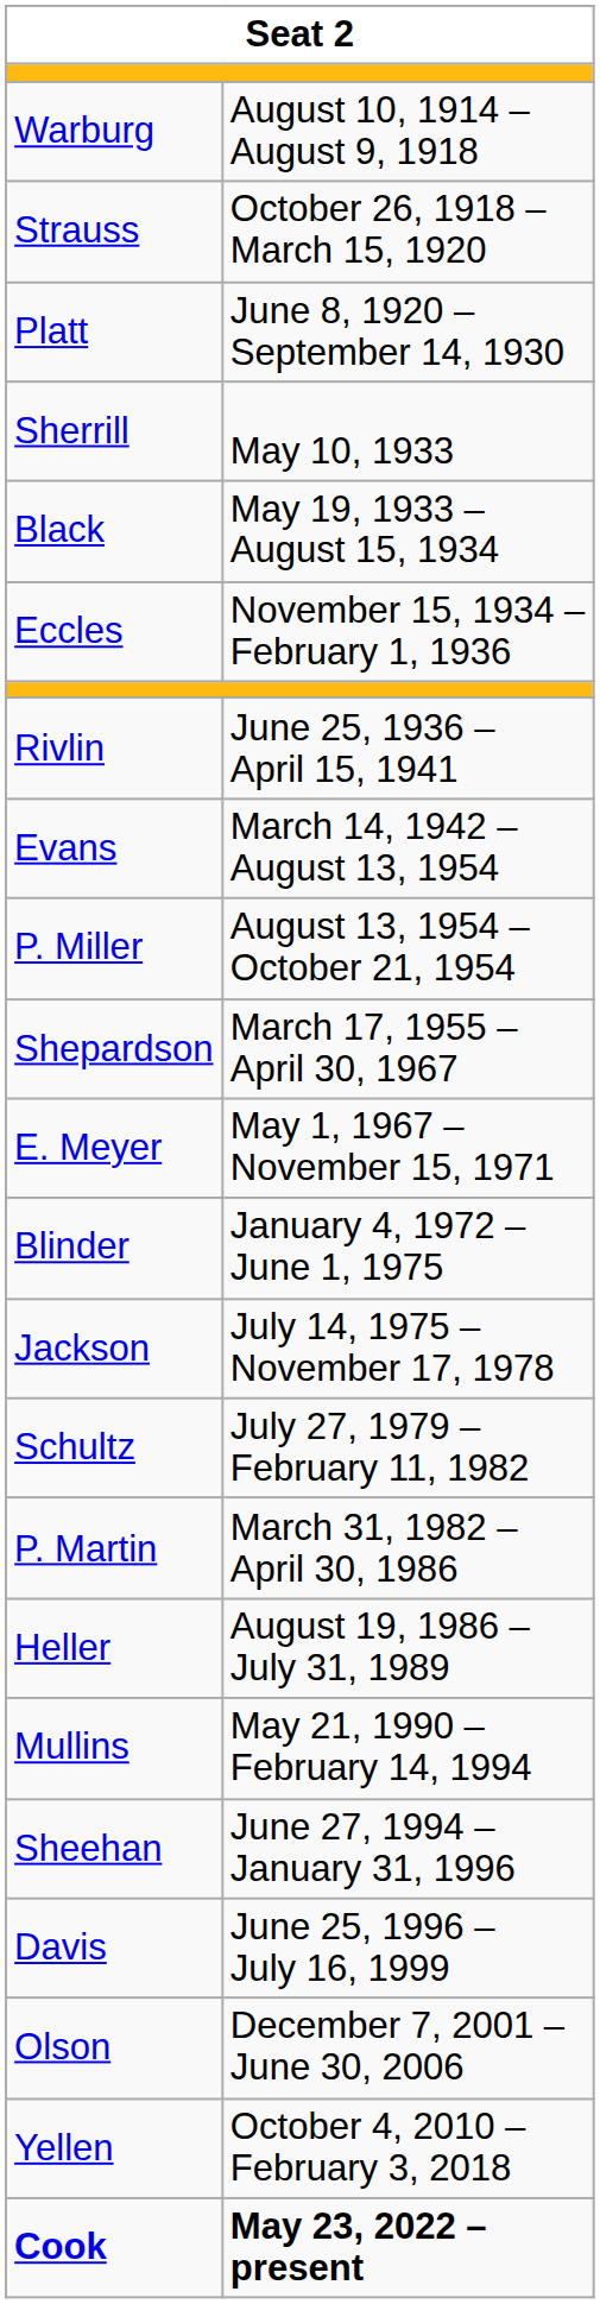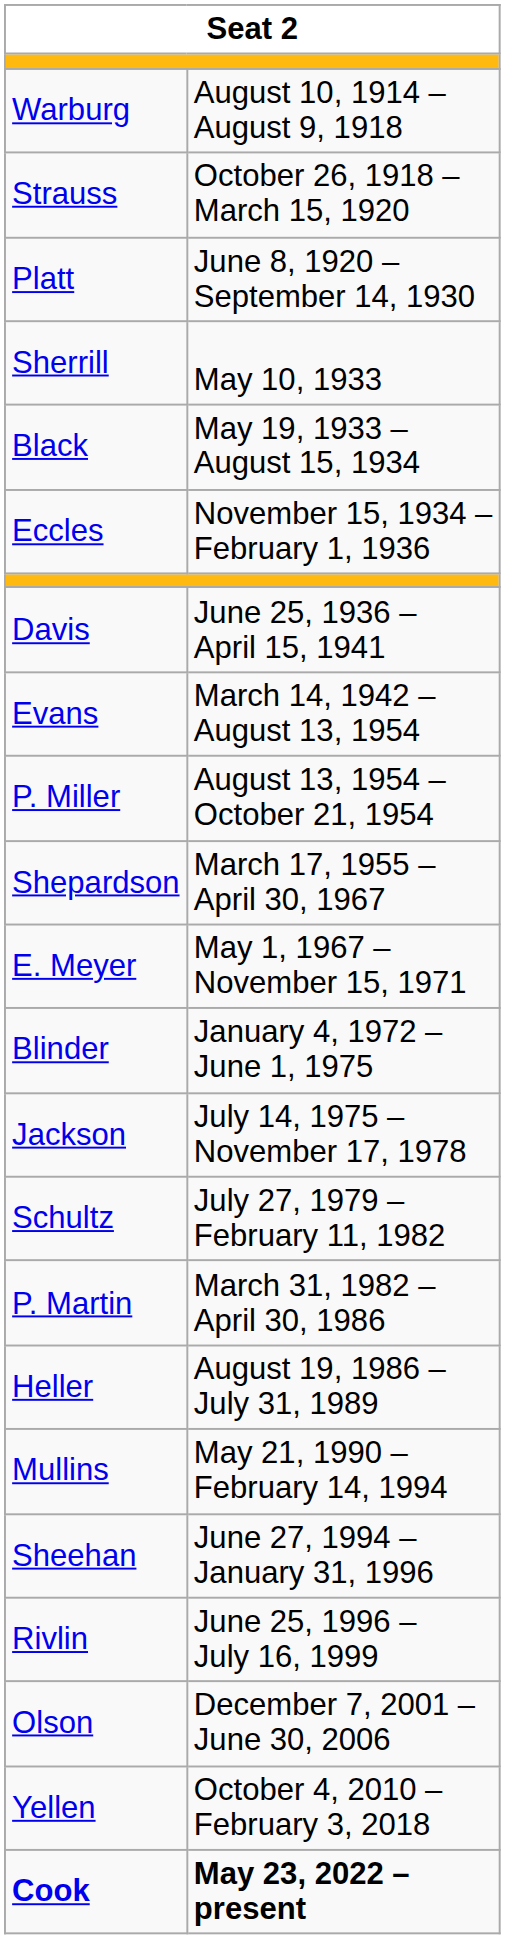 <table class="wikitable">
 <tr>
 <th colspan="2" style="background:#fff;">Seat 2</th>
 </tr>
 <tr>
 <td colspan="2" style="background: #FFB90F;"></td>
 </tr>
 <tr>
 <td><a href='#'>Warburg</a></td>
 <td>August 10, 1914 –<br>August 9, 1918</td>
 </tr>
 <tr>
 <td><a href='#'>Strauss</a></td>
 <td>October 26, 1918 –<br>March 15, 1920</td>
 </tr>
 <tr>
 <td><a href='#'>Platt</a></td>
 <td>June 8, 1920 –<br>September 14, 1930</td>
 </tr>
 <tr>
 <td><a href='#'>Sherrill</a></td>
 <td><br>May 10, 1933</td>
 </tr>
 <tr>
 <td><a href='#'>Black</a></td>
 <td>May 19, 1933 –<br>August 15, 1934</td>
 </tr>
 <tr>
 <td><a href='#'>Eccles</a></td>
 <td>November 15, 1934 –<br>February 1, 1936</td>
 </tr>
 <tr>
 <td colspan="2" style="background: #FFB90F;"></td>
 </tr>
 <tr>
-<td><a href='#'>Rivlin</a></td>
+<td><a href='#'>Davis</a></td>
 <td>June 25, 1936 –<br>April 15, 1941</td>
 </tr>
 <tr>
 <td><a href='#'>Evans</a></td>
 <td>March 14, 1942 –<br>August 13, 1954</td>
 </tr>
 <tr>
 <td><a href='#'>P. Miller</a></td>
 <td>August 13, 1954 –<br>October 21, 1954</td>
 </tr>
 <tr>
 <td><a href='#'>Shepardson</a></td>
 <td>March 17, 1955 –<br>April 30, 1967</td>
 </tr>
 <tr>
 <td><a href='#'>E. Meyer</a></td>
 <td>May 1, 1967 –<br>November 15, 1971</td>
 </tr>
 <tr>
 <td><a href='#'>Blinder</a></td>
 <td>January 4, 1972 –<br>June 1, 1975</td>
 </tr>
 <tr>
 <td><a href='#'>Jackson</a></td>
 <td>July 14, 1975 –<br>November 17, 1978</td>
 </tr>
 <tr>
 <td><a href='#'>Schultz</a></td>
 <td>July 27, 1979 –<br>February 11, 1982</td>
 </tr>
 <tr>
 <td><a href='#'>P. Martin</a></td>
 <td>March 31, 1982 –<br>April 30, 1986</td>
 </tr>
 <tr>
 <td><a href='#'>Heller</a></td>
 <td>August 19, 1986 –<br>July 31, 1989</td>
 </tr>
 <tr>
 <td><a href='#'>Mullins</a></td>
 <td>May 21, 1990 –<br>February 14, 1994</td>
 </tr>
 <tr>
 <td><a href='#'>Sheehan</a></td>
 <td>June 27, 1994 –<br>January 31, 1996</td>
 </tr>
 <tr>
-<td><a href='#'>Davis</a></td>
+<td><a href='#'>Rivlin</a></td>
 <td>June 25, 1996 –<br>July 16, 1999</td>
 </tr>
 <tr>
 <td><a href='#'>Olson</a></td>
 <td>December 7, 2001 –<br>June 30, 2006</td>
 </tr>
 <tr>
 <td><a href='#'>Yellen</a></td>
 <td>October 4, 2010 –<br>February 3, 2018</td>
 </tr>
 <tr>
 <td><strong><a href='#'>Cook</a></strong></td>
 <td><strong>May 23, 2022 –<br>present</strong></td>
 </tr>
 </table>
